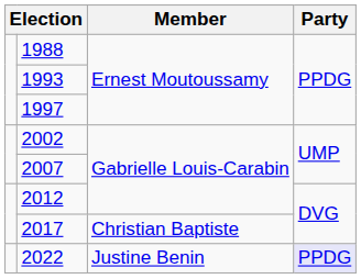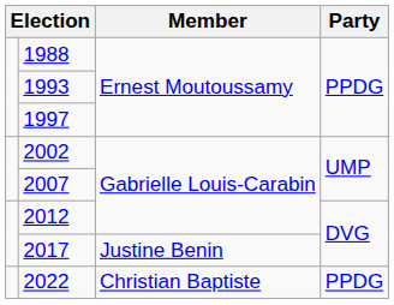 <table class="wikitable">
 <tr>
 <th colspan="2">Election</th>
 <th>Member</th>
 <th>Party</th>
 </tr>
 <tr>
 <td rowspan="3" style="color:inherit;background-color: "></td>
 <td><a href='#'>1988</a></td>
 <td rowspan="3"><a href='#'>Ernest Moutoussamy</a></td>
 <td rowspan="3"><a href='#'>PPDG</a></td>
 </tr>
 <tr>
 <td><a href='#'>1993</a></td>
 </tr>
 <tr>
 <td><a href='#'>1997</a></td>
 </tr>
 <tr>
 <td rowspan="2" style="color:inherit;background-color: "></td>
 <td><a href='#'>2002</a></td>
 <td rowspan="3"><a href='#'>Gabrielle Louis-Carabin</a></td>
 <td rowspan="2"><a href='#'>UMP</a></td>
 </tr>
 <tr>
 <td><a href='#'>2007</a></td>
 </tr>
 <tr>
 <td rowspan="2" style="color:inherit;background-color: "></td>
 <td><a href='#'>2012</a></td>
 <td rowspan="2"><a href='#'>DVG</a></td>
 </tr>
 <tr>
 <td><a href='#'>2017</a></td>
-<td><a href='#'>Christian Baptiste</a></td>
+<td><a href='#'>Justine Benin</a></td>
 </tr>
 <tr>
 <td style="color:inherit;background-color: "></td>
 <td><a href='#'>2022</a></td>
-<td><a href='#'>Justine Benin</a></td>
-<td style="background: lavender;"><a href='#'>PPDG</a></td>
+<td><a href='#'>Christian Baptiste</a></td>
+<td><a href='#'>PPDG</a></td>
 </tr>
 </table>
